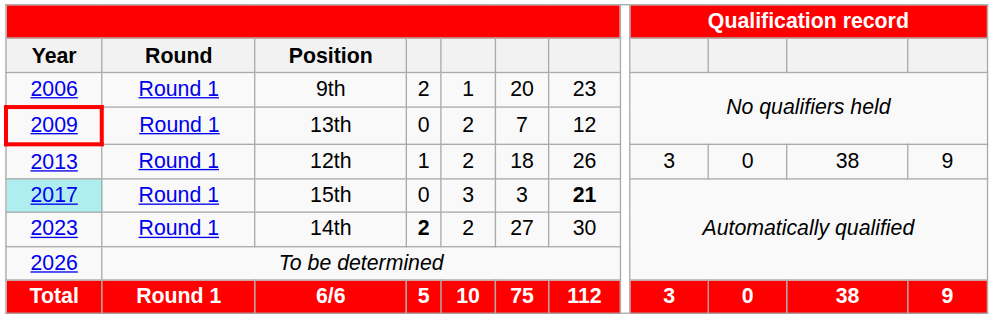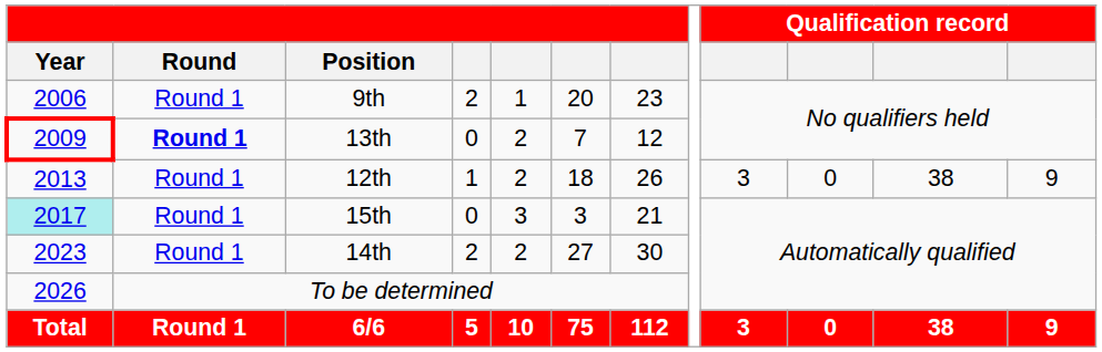 <table class="wikitable" style="text-align: center;">
 <tr>
 <th style="background:#FF0000;" colspan="7"><a href='#'></a></th>
 <th style="background:white; width:1%;" rowspan="9"></th>
 <th style="background:#FF0000; color:#FFFFFF;" colspan="5">Qualification record</th>
 </tr>
 <tr>
 <th>Year</th>
 <th>Round</th>
 <th>Position</th>
 <th></th>
 <th></th>
 <th></th>
 <th></th>
 <th></th>
 <th></th>
 <th></th>
 <th></th>
 </tr>
 <tr>
 <td> <a href='#'>2006</a></td>
 <td><a href='#'>Round 1</a></td>
 <td>9th</td>
 <td>2</td>
 <td>1</td>
 <td>20</td>
 <td>23</td>
 <td colspan=4 rowspan=2 align=center><em>No qualifiers held</em></td>
 </tr>
 <tr>
 <td style="border: 3px solid red"> <a href='#'>2009</a></td>
-<td><a href='#'>Round 1</a></td>
+<td><strong><a href='#'>Round 1</a></strong></td>
 <td>13th</td>
 <td>0</td>
 <td>2</td>
 <td>7</td>
 <td>12</td>
 </tr>
 <tr>
 <td> <a href='#'>2013</a></td>
 <td><a href='#'>Round 1</a></td>
 <td>12th</td>
 <td>1</td>
 <td>2</td>
 <td>18</td>
 <td>26</td>
 <td>3</td>
 <td>0</td>
 <td>38</td>
 <td>9</td>
 </tr>
 <tr>
 <td style="background: paleturquoise;"> <a href='#'>2017</a></td>
 <td><a href='#'>Round 1</a></td>
 <td>15th</td>
 <td>0</td>
 <td>3</td>
 <td>3</td>
-<td><strong>21</strong></td>
+<td>21</td>
 <td colspan=4 rowspan=3 align=center><em>Automatically qualified</em></td>
 </tr>
 <tr>
 <td> <a href='#'>2023</a></td>
 <td><a href='#'>Round 1</a></td>
 <td>14th</td>
-<td><strong>2</strong></td>
+<td>2</td>
 <td>2</td>
 <td>27</td>
 <td>30</td>
 </tr>
 <tr>
 <td> <a href='#'>2026</a></td>
 <td colspan=6 align=center><em>To be determined</em></td>
 </tr>
 <tr>
 <th style="color:#FFFFFF; background:#FF0000;"><strong>Total</strong></th>
 <th style="color:#FFFFFF; background:#FF0000;"><strong>Round 1</strong></th>
 <th style="color:#FFFFFF; background:#FF0000;"><strong>6/6</strong></th>
 <th style="color:#FFFFFF; background:#FF0000;"><strong>5</strong></th>
 <th style="color:#FFFFFF; background:#FF0000;"><strong>10</strong></th>
 <th style="color:#FFFFFF; background:#FF0000;"><strong>75</strong></th>
 <th style="color:#FFFFFF; background:#FF0000;"><strong>112</strong></th>
 <th style="color:#FFFFFF; background:#FF0000;"><strong>3</strong></th>
 <th style="color:#FFFFFF; background:#FF0000;"><strong>0</strong></th>
 <th style="color:#FFFFFF; background:#FF0000;"><strong>38</strong></th>
 <th style="color:#FFFFFF; background:#FF0000;"><strong>9</strong></th>
 </tr>
 </table>
